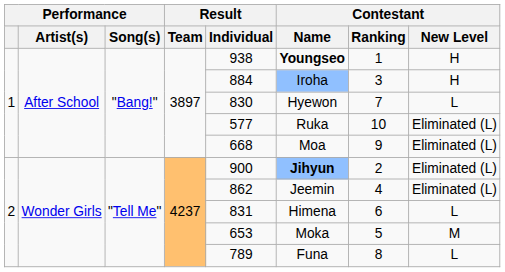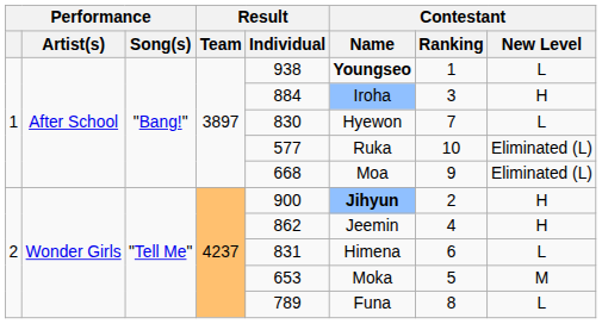 <table class="wikitable collapsible" style="text-align:center">
 <tr>
 <th colspan="3">Performance</th>
 <th colspan="2">Result</th>
 <th colspan="3">Contestant</th>
 </tr>
 <tr>
 <th></th>
 <th>Artist(s)</th>
 <th>Song(s)</th>
 <th>Team</th>
 <th>Individual</th>
 <th>Name</th>
 <th>Ranking</th>
 <th>New Level</th>
 </tr>
 <tr>
 <td rowspan="5">1</td>
 <td rowspan="5"><a href='#'>After School</a></td>
 <td rowspan="5">"<a href='#'>Bang!</a>"</td>
 <td rowspan="5">3897</td>
 <td>938</td>
 <td><strong>Youngseo</strong></td>
 <td>1</td>
-<td>H</td>
+<td>L</td>
 </tr>
 <tr>
 <td>884</td>
 <td style="background:#90C0FF">Iroha</td>
 <td>3</td>
 <td>H</td>
 </tr>
 <tr>
 <td>830</td>
 <td>Hyewon</td>
 <td>7</td>
 <td>L</td>
 </tr>
 <tr>
 <td>577</td>
 <td>Ruka</td>
 <td>10</td>
 <td>Eliminated (L)</td>
 </tr>
 <tr>
 <td>668</td>
 <td>Moa</td>
 <td>9</td>
 <td>Eliminated (L)</td>
 </tr>
 <tr>
 <td rowspan="5">2</td>
 <td rowspan="5"><a href='#'>Wonder Girls</a></td>
 <td rowspan="5">"<a href='#'>Tell Me</a>"</td>
 <td rowspan="5" style="background:#FFC06F">4237</td>
 <td>900</td>
 <td style="background:#90C0FF"><strong>Jihyun</strong></td>
 <td>2</td>
-<td>Eliminated (L)</td>
+<td>H</td>
 </tr>
 <tr>
 <td>862</td>
 <td>Jeemin</td>
 <td>4</td>
-<td>Eliminated (L)</td>
+<td>H</td>
 </tr>
 <tr>
 <td>831</td>
 <td>Himena</td>
 <td>6</td>
 <td>L</td>
 </tr>
 <tr>
 <td>653</td>
 <td>Moka</td>
 <td>5</td>
 <td>M</td>
 </tr>
 <tr>
 <td>789</td>
 <td>Funa</td>
 <td>8</td>
 <td>L</td>
 </tr>
 </table>
